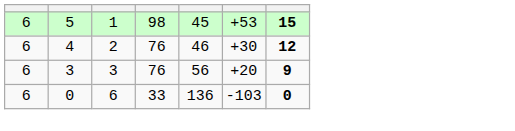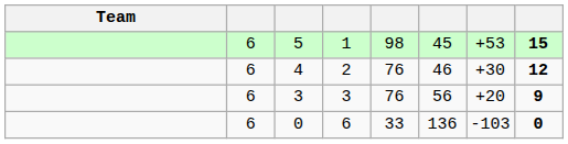 <table class="wikitable" style="text-align:center;font-size:95%">
 <tr>
+<th width=160>Team</th>
 <th width=30></th>
 <th width=30></th>
 <th width=30></th>
 <th width=30></th>
 <th width=30></th>
 <th width=30></th>
 <th width=30></th>
 </tr>
 <tr bgcolor=ccffcc>
+<td align="left"></td>
 <td>6</td>
 <td>5</td>
 <td>1</td>
 <td>98</td>
 <td>45</td>
 <td>+53</td>
 <td><strong>15</strong></td>
 </tr>
 <tr>
+<td align="left"></td>
 <td>6</td>
 <td>4</td>
 <td>2</td>
 <td>76</td>
 <td>46</td>
 <td>+30</td>
 <td><strong>12</strong></td>
 </tr>
 <tr>
+<td align="left"></td>
 <td>6</td>
 <td>3</td>
 <td>3</td>
 <td>76</td>
 <td>56</td>
 <td>+20</td>
 <td><strong>9</strong></td>
 </tr>
 <tr>
+<td align="left"></td>
 <td>6</td>
 <td>0</td>
 <td>6</td>
 <td>33</td>
 <td>136</td>
 <td>-103</td>
 <td><strong>0</strong></td>
 </tr>
 </table>
